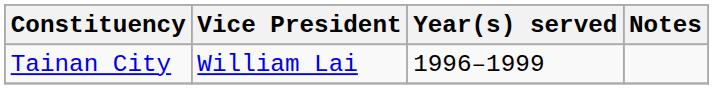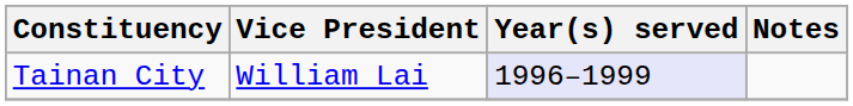 <table class="wikitable">
 <tr>
 <th>Constituency</th>
 <th>Vice President</th>
 <th>Year(s) served</th>
 <th>Notes</th>
 </tr>
 <tr>
 <td><a href='#'>Tainan City</a></td>
 <td><a href='#'>William Lai</a></td>
-<td>1996–1999</td>
+<td style="background: lavender;">1996–1999</td>
 <td></td>
 </tr>
 <tr>
 </tr>
 </table>
